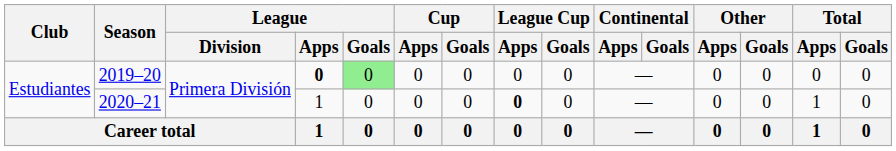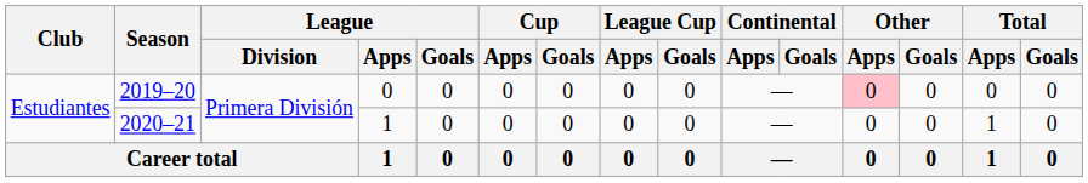 <table class="wikitable" style="text-align:center">
 <tr>
 <th rowspan="2">Club</th>
 <th rowspan="2">Season</th>
 <th colspan="3">League</th>
 <th colspan="2">Cup</th>
 <th colspan="2">League Cup</th>
 <th colspan="2">Continental</th>
 <th colspan="2">Other</th>
 <th colspan="2">Total</th>
 </tr>
 <tr>
 <th>Division</th>
 <th>Apps</th>
 <th>Goals</th>
 <th>Apps</th>
 <th>Goals</th>
 <th>Apps</th>
 <th>Goals</th>
 <th>Apps</th>
 <th>Goals</th>
 <th>Apps</th>
 <th>Goals</th>
 <th>Apps</th>
 <th>Goals</th>
 </tr>
 <tr>
 <td rowspan="2"><a href='#'>Estudiantes</a></td>
 <td><a href='#'>2019–20</a></td>
 <td rowspan="2"><a href='#'>Primera División</a></td>
-<td><strong>0</strong></td>
-<td style="background: lightgreen;">0</td>
+<td>0</td>
+<td>0</td>
 <td>0</td>
 <td>0</td>
 <td>0</td>
 <td>0</td>
 <td colspan="2">—</td>
-<td>0</td>
+<td style="background: pink;">0</td>
 <td>0</td>
 <td>0</td>
 <td>0</td>
 </tr>
 <tr>
 <td><a href='#'>2020–21</a></td>
 <td>1</td>
 <td>0</td>
 <td>0</td>
 <td>0</td>
-<td><strong>0</strong></td>
+<td>0</td>
 <td>0</td>
 <td colspan="2">—</td>
 <td>0</td>
 <td>0</td>
 <td>1</td>
 <td>0</td>
 </tr>
 <tr>
 <th colspan="3">Career total</th>
 <th>1</th>
 <th>0</th>
 <th>0</th>
 <th>0</th>
 <th>0</th>
 <th>0</th>
 <th colspan="2">—</th>
 <th>0</th>
 <th>0</th>
 <th>1</th>
 <th>0</th>
 </tr>
 </table>
